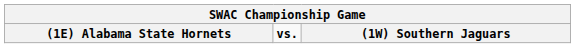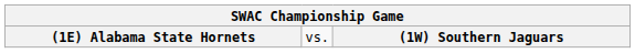 <table class="wikitable">
 <tr>
 <th style="width: 604px;" colspan=3>SWAC Championship Game</th>
 </tr>
 <tr>
 <th style="width: 289px; ">(1E) Alabama State Hornets</th>
-<td style="width: 25px; text-align:center"><strong>vs.</strong></td>
+<td style="width: 25px; text-align:center">vs.</td>
 <th style="width: 289px; ">(1W) Southern Jaguars</th>
 </tr>
 </table>
